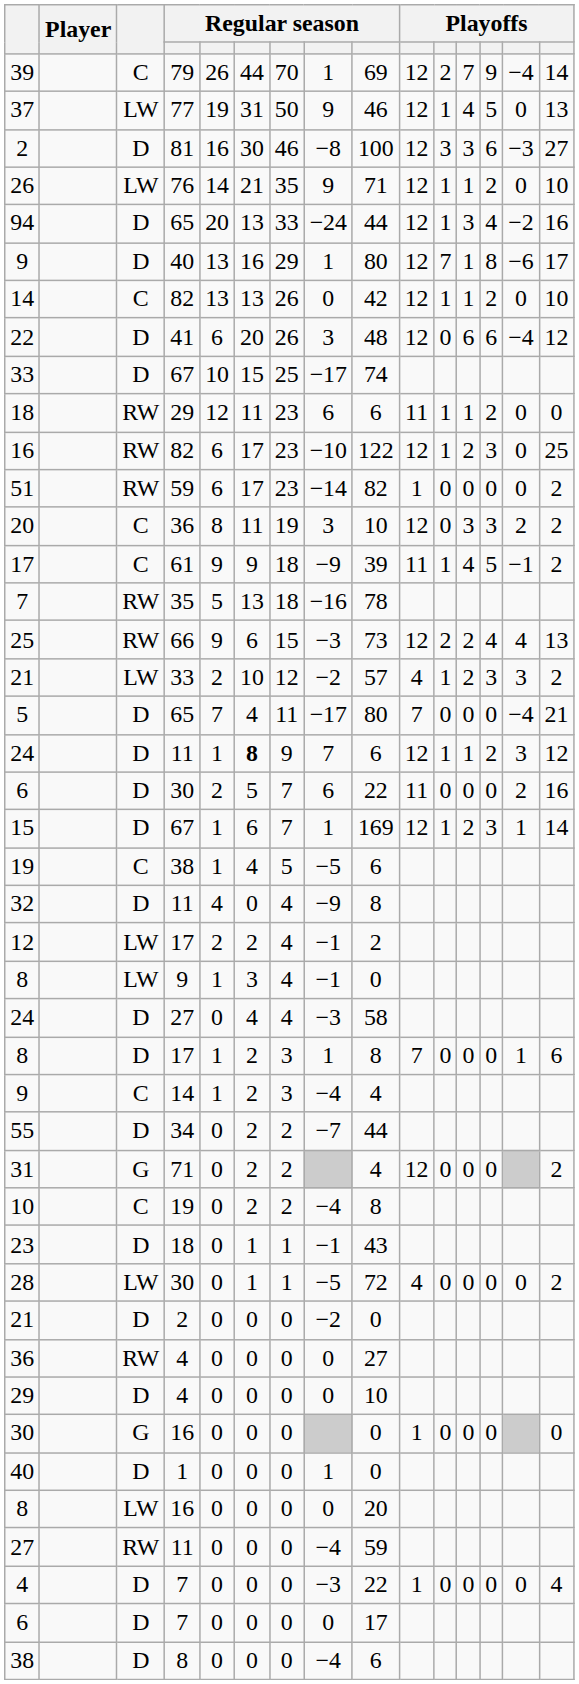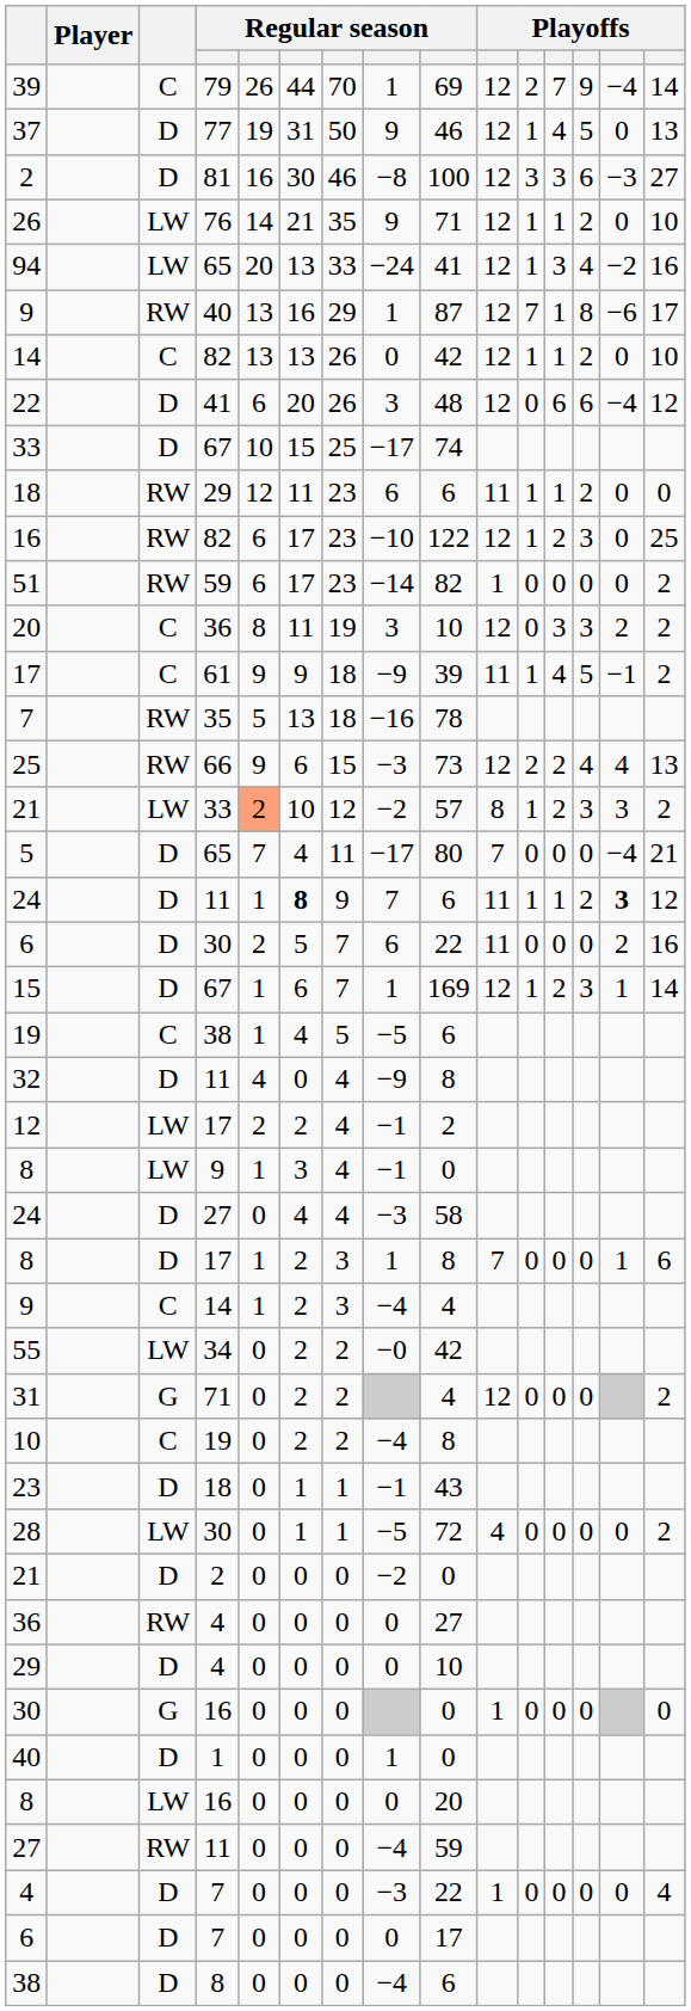 <table class="wikitable sortable plainrowheaders" style="text-align:center;">
 <tr>
 <th scope="col" data-sort-type="number" rowspan="2"></th>
 <th scope="col" rowspan="2">Player</th>
 <th scope="col" rowspan="2"></th>
 <th scope=colgroup colspan=6>Regular season</th>
 <th scope=colgroup colspan=6>Playoffs</th>
 </tr>
 <tr>
 <th scope="col" data-sort-type="number"></th>
 <th scope="col" data-sort-type="number"></th>
 <th scope="col" data-sort-type="number"></th>
 <th scope="col" data-sort-type="number"></th>
 <th scope="col" data-sort-type="number"></th>
 <th scope="col" data-sort-type="number"></th>
 <th scope="col" data-sort-type="number"></th>
 <th scope="col" data-sort-type="number"></th>
 <th scope="col" data-sort-type="number"></th>
 <th scope="col" data-sort-type="number"></th>
 <th scope="col" data-sort-type="number"></th>
 <th scope="col" data-sort-type="number"></th>
 </tr>
 <tr>
 <td scope="row">39</td>
 <td align="left"></td>
 <td>C</td>
 <td>79</td>
 <td>26</td>
 <td>44</td>
 <td>70</td>
 <td>1</td>
 <td>69</td>
 <td>12</td>
 <td>2</td>
 <td>7</td>
 <td>9</td>
 <td>−4</td>
 <td>14</td>
 </tr>
 <tr>
 <td scope="row">37</td>
 <td align="left"></td>
-<td>LW</td>
+<td>D</td>
 <td>77</td>
 <td>19</td>
 <td>31</td>
 <td>50</td>
 <td>9</td>
 <td>46</td>
 <td>12</td>
 <td>1</td>
 <td>4</td>
 <td>5</td>
 <td>0</td>
 <td>13</td>
 </tr>
 <tr>
 <td scope="row">2</td>
 <td align="left"></td>
 <td>D</td>
 <td>81</td>
 <td>16</td>
 <td>30</td>
 <td>46</td>
 <td>−8</td>
 <td>100</td>
 <td>12</td>
 <td>3</td>
 <td>3</td>
 <td>6</td>
 <td>−3</td>
 <td>27</td>
 </tr>
 <tr>
 <td scope="row">26</td>
 <td align="left"></td>
 <td>LW</td>
 <td>76</td>
 <td>14</td>
 <td>21</td>
 <td>35</td>
 <td>9</td>
 <td>71</td>
 <td>12</td>
 <td>1</td>
 <td>1</td>
 <td>2</td>
 <td>0</td>
 <td>10</td>
 </tr>
 <tr>
 <td scope="row">94</td>
 <td align="left"></td>
-<td>D</td>
+<td>LW</td>
 <td>65</td>
 <td>20</td>
 <td>13</td>
 <td>33</td>
 <td>−24</td>
-<td>44</td>
+<td>41</td>
 <td>12</td>
 <td>1</td>
 <td>3</td>
 <td>4</td>
 <td>−2</td>
 <td>16</td>
 </tr>
 <tr>
 <td scope="row">9</td>
 <td align="left"></td>
-<td>D</td>
+<td>RW</td>
 <td>40</td>
 <td>13</td>
 <td>16</td>
 <td>29</td>
 <td>1</td>
-<td>80</td>
+<td>87</td>
 <td>12</td>
 <td>7</td>
 <td>1</td>
 <td>8</td>
 <td>−6</td>
 <td>17</td>
 </tr>
 <tr>
 <td scope="row">14</td>
 <td align="left"></td>
 <td>C</td>
 <td>82</td>
 <td>13</td>
 <td>13</td>
 <td>26</td>
 <td>0</td>
 <td>42</td>
 <td>12</td>
 <td>1</td>
 <td>1</td>
 <td>2</td>
 <td>0</td>
 <td>10</td>
 </tr>
 <tr>
 <td scope="row">22</td>
 <td align="left"></td>
 <td>D</td>
 <td>41</td>
 <td>6</td>
 <td>20</td>
 <td>26</td>
 <td>3</td>
 <td>48</td>
 <td>12</td>
 <td>0</td>
 <td>6</td>
 <td>6</td>
 <td>−4</td>
 <td>12</td>
 </tr>
 <tr>
 <td scope="row">33</td>
 <td align="left"></td>
 <td>D</td>
 <td>67</td>
 <td>10</td>
 <td>15</td>
 <td>25</td>
 <td>−17</td>
 <td>74</td>
 <td></td>
 <td></td>
 <td></td>
 <td></td>
 <td></td>
 <td></td>
 </tr>
 <tr>
 <td scope="row">18</td>
 <td align="left"></td>
 <td>RW</td>
 <td>29</td>
 <td>12</td>
 <td>11</td>
 <td>23</td>
 <td>6</td>
 <td>6</td>
 <td>11</td>
 <td>1</td>
 <td>1</td>
 <td>2</td>
 <td>0</td>
 <td>0</td>
 </tr>
 <tr>
 <td scope="row">16</td>
 <td align="left"></td>
 <td>RW</td>
 <td>82</td>
 <td>6</td>
 <td>17</td>
 <td>23</td>
 <td>−10</td>
 <td>122</td>
 <td>12</td>
 <td>1</td>
 <td>2</td>
 <td>3</td>
 <td>0</td>
 <td>25</td>
 </tr>
 <tr>
 <td scope="row">51</td>
 <td align="left"></td>
 <td>RW</td>
 <td>59</td>
 <td>6</td>
 <td>17</td>
 <td>23</td>
 <td>−14</td>
 <td>82</td>
 <td>1</td>
 <td>0</td>
 <td>0</td>
 <td>0</td>
 <td>0</td>
 <td>2</td>
 </tr>
 <tr>
 <td scope="row">20</td>
 <td align="left"></td>
 <td>C</td>
 <td>36</td>
 <td>8</td>
 <td>11</td>
 <td>19</td>
 <td>3</td>
 <td>10</td>
 <td>12</td>
 <td>0</td>
 <td>3</td>
 <td>3</td>
 <td>2</td>
 <td>2</td>
 </tr>
 <tr>
 <td scope="row">17</td>
 <td align="left"></td>
 <td>C</td>
 <td>61</td>
 <td>9</td>
 <td>9</td>
 <td>18</td>
 <td>−9</td>
 <td>39</td>
 <td>11</td>
 <td>1</td>
 <td>4</td>
 <td>5</td>
 <td>−1</td>
 <td>2</td>
 </tr>
 <tr>
 <td scope="row">7</td>
 <td align="left"></td>
 <td>RW</td>
 <td>35</td>
 <td>5</td>
 <td>13</td>
 <td>18</td>
 <td>−16</td>
 <td>78</td>
 <td></td>
 <td></td>
 <td></td>
 <td></td>
 <td></td>
 <td></td>
 </tr>
 <tr>
 <td scope="row">25</td>
 <td align="left"></td>
 <td>RW</td>
 <td>66</td>
 <td>9</td>
 <td>6</td>
 <td>15</td>
 <td>−3</td>
 <td>73</td>
 <td>12</td>
 <td>2</td>
 <td>2</td>
 <td>4</td>
 <td>4</td>
 <td>13</td>
 </tr>
 <tr>
 <td scope="row">21</td>
 <td align="left"></td>
 <td>LW</td>
 <td>33</td>
-<td>2</td>
+<td style="background: lightsalmon;">2</td>
 <td>10</td>
 <td>12</td>
 <td>−2</td>
 <td>57</td>
-<td>4</td>
+<td>8</td>
 <td>1</td>
 <td>2</td>
 <td>3</td>
 <td>3</td>
 <td>2</td>
 </tr>
 <tr>
 <td scope="row">5</td>
 <td align="left"></td>
 <td>D</td>
 <td>65</td>
 <td>7</td>
 <td>4</td>
 <td>11</td>
 <td>−17</td>
 <td>80</td>
 <td>7</td>
 <td>0</td>
 <td>0</td>
 <td>0</td>
 <td>−4</td>
 <td>21</td>
 </tr>
 <tr>
 <td scope="row">24</td>
 <td align="left"></td>
 <td>D</td>
 <td>11</td>
 <td>1</td>
 <td><strong>8</strong></td>
 <td>9</td>
 <td>7</td>
 <td>6</td>
-<td>12</td>
+<td>11</td>
 <td>1</td>
 <td>1</td>
 <td>2</td>
-<td>3</td>
+<td><strong>3</strong></td>
 <td>12</td>
 </tr>
 <tr>
 <td scope="row">6</td>
 <td align="left"></td>
 <td>D</td>
 <td>30</td>
 <td>2</td>
 <td>5</td>
 <td>7</td>
 <td>6</td>
 <td>22</td>
 <td>11</td>
 <td>0</td>
 <td>0</td>
 <td>0</td>
 <td>2</td>
 <td>16</td>
 </tr>
 <tr>
 <td scope="row">15</td>
 <td align="left"></td>
 <td>D</td>
 <td>67</td>
 <td>1</td>
 <td>6</td>
 <td>7</td>
 <td>1</td>
 <td>169</td>
 <td>12</td>
 <td>1</td>
 <td>2</td>
 <td>3</td>
 <td>1</td>
 <td>14</td>
 </tr>
 <tr>
 <td scope="row">19</td>
 <td align="left"></td>
 <td>C</td>
 <td>38</td>
 <td>1</td>
 <td>4</td>
 <td>5</td>
 <td>−5</td>
 <td>6</td>
 <td></td>
 <td></td>
 <td></td>
 <td></td>
 <td></td>
 <td></td>
 </tr>
 <tr>
 <td scope="row">32</td>
 <td align="left"></td>
 <td>D</td>
 <td>11</td>
 <td>4</td>
 <td>0</td>
 <td>4</td>
 <td>−9</td>
 <td>8</td>
 <td></td>
 <td></td>
 <td></td>
 <td></td>
 <td></td>
 <td></td>
 </tr>
 <tr>
 <td scope="row">12</td>
 <td align="left"></td>
 <td>LW</td>
 <td>17</td>
 <td>2</td>
 <td>2</td>
 <td>4</td>
 <td>−1</td>
 <td>2</td>
 <td></td>
 <td></td>
 <td></td>
 <td></td>
 <td></td>
 <td></td>
 </tr>
 <tr>
 <td scope="row">8</td>
 <td align="left"></td>
 <td>LW</td>
 <td>9</td>
 <td>1</td>
 <td>3</td>
 <td>4</td>
 <td>−1</td>
 <td>0</td>
 <td></td>
 <td></td>
 <td></td>
 <td></td>
 <td></td>
 <td></td>
 </tr>
 <tr>
 <td scope="row">24</td>
 <td align="left"></td>
 <td>D</td>
 <td>27</td>
 <td>0</td>
 <td>4</td>
 <td>4</td>
 <td>−3</td>
 <td>58</td>
 <td></td>
 <td></td>
 <td></td>
 <td></td>
 <td></td>
 <td></td>
 </tr>
 <tr>
 <td scope="row">8</td>
 <td align="left"></td>
 <td>D</td>
 <td>17</td>
 <td>1</td>
 <td>2</td>
 <td>3</td>
 <td>1</td>
 <td>8</td>
 <td>7</td>
 <td>0</td>
 <td>0</td>
 <td>0</td>
 <td>1</td>
 <td>6</td>
 </tr>
 <tr>
 <td scope="row">9</td>
 <td align="left"></td>
 <td>C</td>
 <td>14</td>
 <td>1</td>
 <td>2</td>
 <td>3</td>
 <td>−4</td>
 <td>4</td>
 <td></td>
 <td></td>
 <td></td>
 <td></td>
 <td></td>
 <td></td>
 </tr>
 <tr>
 <td scope="row">55</td>
 <td align="left"></td>
-<td>D</td>
+<td>LW</td>
 <td>34</td>
 <td>0</td>
 <td>2</td>
 <td>2</td>
-<td>−7</td>
-<td>44</td>
+<td>−0</td>
+<td>42</td>
 <td></td>
 <td></td>
 <td></td>
 <td></td>
 <td></td>
 <td></td>
 </tr>
 <tr>
 <td scope="row">31</td>
 <td align="left"></td>
 <td>G</td>
 <td>71</td>
 <td>0</td>
 <td>2</td>
 <td>2</td>
 <td style="background:#ccc"></td>
 <td>4</td>
 <td>12</td>
 <td>0</td>
 <td>0</td>
 <td>0</td>
 <td style="background:#ccc"></td>
 <td>2</td>
 </tr>
 <tr>
 <td scope="row">10</td>
 <td align="left"></td>
 <td>C</td>
 <td>19</td>
 <td>0</td>
 <td>2</td>
 <td>2</td>
 <td>−4</td>
 <td>8</td>
 <td></td>
 <td></td>
 <td></td>
 <td></td>
 <td></td>
 <td></td>
 </tr>
 <tr>
 <td scope="row">23</td>
 <td align="left"></td>
 <td>D</td>
 <td>18</td>
 <td>0</td>
 <td>1</td>
 <td>1</td>
 <td>−1</td>
 <td>43</td>
 <td></td>
 <td></td>
 <td></td>
 <td></td>
 <td></td>
 <td></td>
 </tr>
 <tr>
 <td scope="row">28</td>
 <td align="left"></td>
 <td>LW</td>
 <td>30</td>
 <td>0</td>
 <td>1</td>
 <td>1</td>
 <td>−5</td>
 <td>72</td>
 <td>4</td>
 <td>0</td>
 <td>0</td>
 <td>0</td>
 <td>0</td>
 <td>2</td>
 </tr>
 <tr>
 <td scope="row">21</td>
 <td align="left"></td>
 <td>D</td>
 <td>2</td>
 <td>0</td>
 <td>0</td>
 <td>0</td>
 <td>−2</td>
 <td>0</td>
 <td></td>
 <td></td>
 <td></td>
 <td></td>
 <td></td>
 <td></td>
 </tr>
 <tr>
 <td scope="row">36</td>
 <td align="left"></td>
 <td>RW</td>
 <td>4</td>
 <td>0</td>
 <td>0</td>
 <td>0</td>
 <td>0</td>
 <td>27</td>
 <td></td>
 <td></td>
 <td></td>
 <td></td>
 <td></td>
 <td></td>
 </tr>
 <tr>
 <td scope="row">29</td>
 <td align="left"></td>
 <td>D</td>
 <td>4</td>
 <td>0</td>
 <td>0</td>
 <td>0</td>
 <td>0</td>
 <td>10</td>
 <td></td>
 <td></td>
 <td></td>
 <td></td>
 <td></td>
 <td></td>
 </tr>
 <tr>
 <td scope="row">30</td>
 <td align="left"></td>
 <td>G</td>
 <td>16</td>
 <td>0</td>
 <td>0</td>
 <td>0</td>
 <td style="background:#ccc"></td>
 <td>0</td>
 <td>1</td>
 <td>0</td>
 <td>0</td>
 <td>0</td>
 <td style="background:#ccc"></td>
 <td>0</td>
 </tr>
 <tr>
 <td scope="row">40</td>
 <td align="left"></td>
 <td>D</td>
 <td>1</td>
 <td>0</td>
 <td>0</td>
 <td>0</td>
 <td>1</td>
 <td>0</td>
 <td></td>
 <td></td>
 <td></td>
 <td></td>
 <td></td>
 <td></td>
 </tr>
 <tr>
 <td scope="row">8</td>
 <td align="left"></td>
 <td>LW</td>
 <td>16</td>
 <td>0</td>
 <td>0</td>
 <td>0</td>
 <td>0</td>
 <td>20</td>
 <td></td>
 <td></td>
 <td></td>
 <td></td>
 <td></td>
 <td></td>
 </tr>
 <tr>
 <td scope="row">27</td>
 <td align="left"></td>
 <td>RW</td>
 <td>11</td>
 <td>0</td>
 <td>0</td>
 <td>0</td>
 <td>−4</td>
 <td>59</td>
 <td></td>
 <td></td>
 <td></td>
 <td></td>
 <td></td>
 <td></td>
 </tr>
 <tr>
 <td scope="row">4</td>
 <td align="left"></td>
 <td>D</td>
 <td>7</td>
 <td>0</td>
 <td>0</td>
 <td>0</td>
 <td>−3</td>
 <td>22</td>
 <td>1</td>
 <td>0</td>
 <td>0</td>
 <td>0</td>
 <td>0</td>
 <td>4</td>
 </tr>
 <tr>
 <td scope="row">6</td>
 <td align="left"></td>
 <td>D</td>
 <td>7</td>
 <td>0</td>
 <td>0</td>
 <td>0</td>
 <td>0</td>
 <td>17</td>
 <td></td>
 <td></td>
 <td></td>
 <td></td>
 <td></td>
 <td></td>
 </tr>
 <tr>
 <td scope="row">38</td>
 <td align="left"></td>
 <td>D</td>
 <td>8</td>
 <td>0</td>
 <td>0</td>
 <td>0</td>
 <td>−4</td>
 <td>6</td>
 <td></td>
 <td></td>
 <td></td>
 <td></td>
 <td></td>
 <td></td>
 </tr>
 </table>
